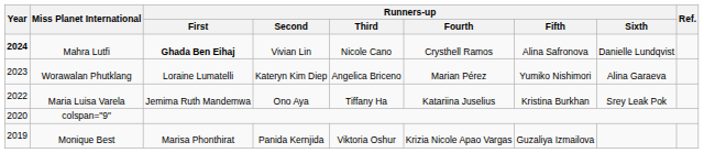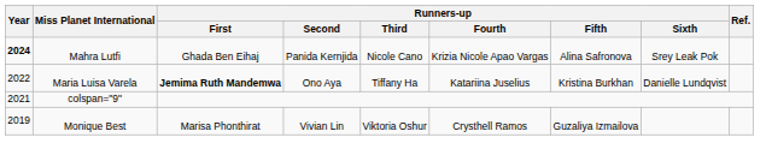 <table class="wikitable" style="font-size: 85%; text-align:center">
 <tr>
 <th rowspan="2">Year</th>
 <th rowspan="2">Miss Planet International</th>
 <th colspan="6">Runners-up</th>
 <th rowspan="2">Ref.</th>
 </tr>
 <tr>
 <th>First</th>
 <th>Second</th>
 <th>Third</th>
 <th>Fourth</th>
 <th>Fifth</th>
 <th>Sixth</th>
 </tr>
 <tr>
 <td><strong>2024</strong></td>
 <td><br>Mahra Lutfi</td>
-<td><strong><br>Ghada Ben Eihaj</strong></td>
-<td><br>Vivian Lin</td>
+<td><br>Ghada Ben Eihaj</td>
+<td><br> Panida Kernjida</td>
 <td><br>Nicole Cano</td>
-<td><br>Crysthell Ramos</td>
+<td><br>Krizia Nicole Apao Vargas</td>
 <td><br>Alina Safronova</td>
-<td><br>Danielle Lundqvist</td>
-<td></td>
-</tr>
-<tr>
-<td>2023</td>
-<td><br>Worawalan Phutklang</td>
-<td><br>Loraine Lumatelli</td>
-<td><br>Kateryn Kim Diep</td>
-<td><br>Angelica Briceno</td>
-<td><br>Marian Pérez</td>
-<td><br>Yumiko Nishimori</td>
-<td><br>Alina Garaeva</td>
+<td><br>Srey Leak Pok</td>
 <td></td>
 </tr>
 <tr>
 <td>2022</td>
 <td><br>Maria Luisa Varela</td>
-<td><br>Jemima Ruth Mandemwa</td>
+<td><strong><br>Jemima Ruth Mandemwa</strong></td>
 <td><br>Ono Aya</td>
 <td><br>Tiffany Ha</td>
 <td><br>Katariina Juselius</td>
 <td><br>Kristina Burkhan</td>
-<td><br>Srey Leak Pok</td>
+<td><br>Danielle Lundqvist</td>
 <td></td>
 </tr>
 <tr>
-<td>2020</td>
+<td>2021</td>
 <td>colspan="9" </td>
 </tr>
 <tr>
 <td>2019</td>
 <td><br>Monique Best</td>
 <td><br>Marisa Phonthirat</td>
-<td><br> Panida Kernjida</td>
+<td><br>Vivian Lin</td>
 <td><br>Viktoria Oshur</td>
-<td><br>Krizia Nicole Apao Vargas</td>
+<td><br>Crysthell Ramos</td>
 <td><br>Guzaliya Izmailova</td>
 <td></td>
 <td></td>
 </tr>
 </table>
